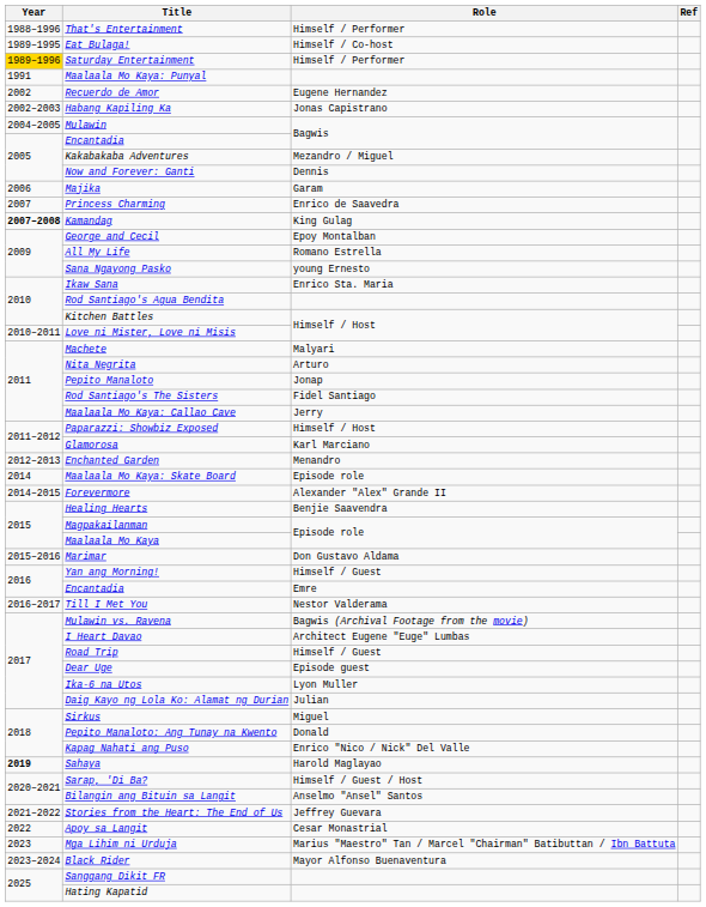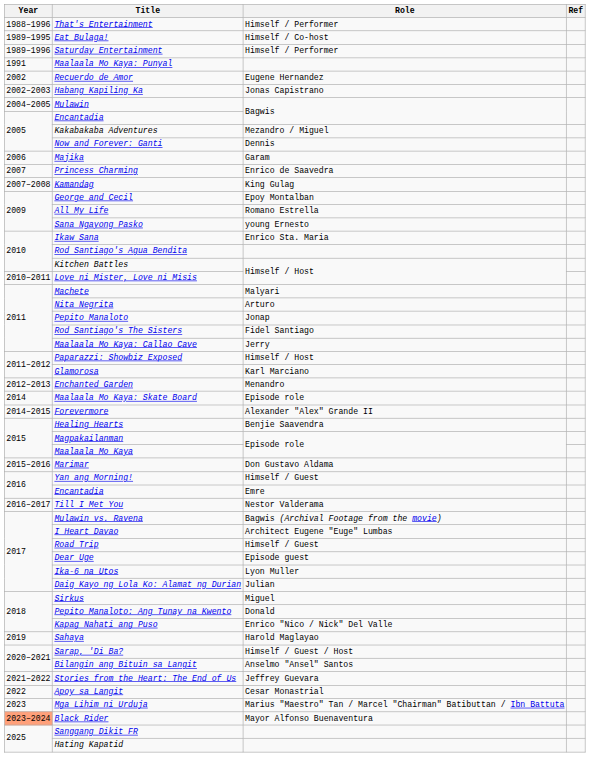 <table class="wikitable sortable">
 <tr>
 <th>Year</th>
 <th>Title</th>
 <th>Role</th>
 <th>Ref</th>
 </tr>
 <tr>
 <td>1988–1996</td>
 <td><em><a href='#'>That's Entertainment</a></em></td>
 <td>Himself / Performer</td>
 <td></td>
 </tr>
 <tr>
 <td>1989–1995</td>
 <td><em><a href='#'>Eat Bulaga!</a></em></td>
 <td>Himself / Co-host</td>
 <td></td>
 </tr>
 <tr>
-<td style="background: gold;">1989–1996</td>
+<td>1989–1996</td>
 <td><em><a href='#'>Saturday Entertainment</a></em></td>
 <td>Himself / Performer</td>
 <td></td>
 </tr>
 <tr>
 <td>1991</td>
 <td><em><a href='#'>Maalaala Mo Kaya: Punyal</a></em></td>
 <td></td>
 <td></td>
 </tr>
 <tr>
 <td>2002</td>
 <td><em><a href='#'>Recuerdo de Amor</a></em></td>
 <td>Eugene Hernandez</td>
 <td></td>
 </tr>
 <tr>
 <td>2002–2003</td>
 <td><em><a href='#'>Habang Kapiling Ka</a></em></td>
 <td>Jonas Capistrano</td>
 <td></td>
 </tr>
 <tr>
 <td>2004–2005</td>
 <td><em><a href='#'>Mulawin</a></em></td>
 <td rowspan="2">Bagwis</td>
 </tr>
 <tr>
 <td rowspan="3">2005</td>
 <td><em><a href='#'>Encantadia</a></em></td>
 </tr>
 <tr>
 <td><em>Kakabakaba Adventures</em></td>
 <td>Mezandro / Miguel</td>
 <td></td>
 </tr>
 <tr>
 <td><em><a href='#'>Now and Forever: Ganti</a></em></td>
 <td>Dennis</td>
 <td></td>
 </tr>
 <tr>
 <td>2006</td>
 <td><em><a href='#'>Majika</a></em></td>
 <td>Garam</td>
 <td></td>
 </tr>
 <tr>
 <td>2007</td>
 <td><em><a href='#'>Princess Charming</a></em></td>
 <td>Enrico de Saavedra</td>
 <td></td>
 </tr>
 <tr>
-<td><strong>2007–2008</strong></td>
+<td>2007–2008</td>
 <td><em><a href='#'>Kamandag</a></em></td>
 <td>King Gulag</td>
 <td></td>
 </tr>
 <tr>
 <td rowspan=3>2009</td>
 <td><em><a href='#'>George and Cecil</a></em></td>
 <td>Epoy Montalban</td>
 <td></td>
 </tr>
 <tr>
 <td><em><a href='#'>All My Life</a></em></td>
 <td>Romano Estrella</td>
 <td></td>
 </tr>
 <tr>
 <td><em><a href='#'>Sana Ngayong Pasko</a></em></td>
 <td>young Ernesto</td>
 <td></td>
 </tr>
 <tr>
 <td rowspan=3>2010</td>
 <td><em><a href='#'>Ikaw Sana</a></em></td>
 <td>Enrico Sta. Maria</td>
 <td></td>
 </tr>
 <tr>
 <td><em><a href='#'>Rod Santiago's Agua Bendita</a></em></td>
 <td></td>
 <td></td>
 </tr>
 <tr>
 <td><em>Kitchen Battles</em></td>
 <td rowspan="2">Himself / Host</td>
 <td></td>
 </tr>
 <tr>
 <td>2010–2011</td>
 <td><em><a href='#'>Love ni Mister, Love ni Misis</a></em></td>
 <td></td>
 </tr>
 <tr>
 <td rowspan=5>2011</td>
 <td><em><a href='#'>Machete</a></em></td>
 <td>Malyari</td>
 <td></td>
 </tr>
 <tr>
 <td><em><a href='#'>Nita Negrita</a></em></td>
 <td>Arturo</td>
 <td></td>
 </tr>
 <tr>
 <td><em><a href='#'>Pepito Manaloto</a></em></td>
 <td>Jonap</td>
 <td></td>
 </tr>
 <tr>
 <td><em><a href='#'>Rod Santiago's The Sisters</a></em></td>
 <td>Fidel Santiago</td>
 <td></td>
 </tr>
 <tr>
 <td><a href='#'><em>Maalaala Mo Kaya: Callao Cave</em></a></td>
 <td>Jerry</td>
 <td></td>
 </tr>
 <tr>
 <td rowspan=2>2011–2012</td>
 <td><em><a href='#'>Paparazzi: Showbiz Exposed</a></em></td>
 <td>Himself / Host</td>
 <td></td>
 </tr>
 <tr>
 <td><em><a href='#'>Glamorosa</a></em></td>
 <td>Karl Marciano</td>
 <td></td>
 </tr>
 <tr>
 <td>2012–2013</td>
 <td><em><a href='#'>Enchanted Garden</a></em></td>
 <td>Menandro</td>
 <td></td>
 </tr>
 <tr>
 <td>2014</td>
 <td><a href='#'><em>Maalaala Mo Kaya: Skate Board</em></a></td>
 <td>Episode role</td>
 <td></td>
 </tr>
 <tr>
 <td>2014–2015</td>
 <td><em><a href='#'>Forevermore</a></em></td>
 <td>Alexander "Alex" Grande II</td>
 <td></td>
 </tr>
 <tr>
 <td rowspan="3">2015</td>
 <td><em><a href='#'>Healing Hearts</a></em></td>
 <td>Benjie Saavendra</td>
 <td></td>
 </tr>
 <tr>
 <td><em><a href='#'>Magpakailanman</a></em></td>
 <td rowspan="2">Episode role</td>
 <td></td>
 </tr>
 <tr>
 <td><em><a href='#'>Maalaala Mo Kaya</a></em></td>
 <td></td>
 </tr>
 <tr>
 <td>2015–2016</td>
 <td><em><a href='#'>Marimar</a></em></td>
 <td>Don Gustavo Aldama</td>
 <td></td>
 </tr>
 <tr>
 <td rowspan="2">2016</td>
 <td><em><a href='#'>Yan ang Morning!</a></em></td>
 <td>Himself / Guest</td>
 <td></td>
 </tr>
 <tr>
 <td><em><a href='#'>Encantadia</a></em></td>
 <td>Emre</td>
 <td></td>
 </tr>
 <tr>
 <td>2016–2017</td>
 <td><em><a href='#'>Till I Met You</a></em></td>
 <td>Nestor Valderama</td>
 <td></td>
 </tr>
 <tr>
 <td rowspan="6">2017</td>
 <td><em><a href='#'>Mulawin vs. Ravena</a></em></td>
 <td>Bagwis <em>(Archival Footage from the <a href='#'>movie</a>)</em></td>
 <td></td>
 </tr>
 <tr>
 <td><em><a href='#'>I Heart Davao</a></em></td>
 <td>Architect Eugene "Euge" Lumbas</td>
 <td></td>
 </tr>
 <tr>
 <td><em><a href='#'>Road Trip</a></em></td>
 <td>Himself / Guest</td>
 <td></td>
 </tr>
 <tr>
 <td><em><a href='#'>Dear Uge</a></em></td>
 <td>Episode guest</td>
 <td></td>
 </tr>
 <tr>
 <td><em><a href='#'>Ika-6 na Utos</a></em></td>
 <td>Lyon Muller</td>
 <td></td>
 </tr>
 <tr>
 <td><em><a href='#'>Daig Kayo ng Lola Ko: Alamat ng Durian</a></em></td>
 <td>Julian</td>
 <td></td>
 </tr>
 <tr>
 <td rowspan=3>2018</td>
 <td><em><a href='#'>Sirkus</a></em></td>
 <td>Miguel</td>
 <td></td>
 </tr>
 <tr>
 <td><em><a href='#'>Pepito Manaloto: Ang Tunay na Kwento</a></em></td>
 <td>Donald</td>
 <td></td>
 </tr>
 <tr>
 <td><em><a href='#'>Kapag Nahati ang Puso</a></em></td>
 <td>Enrico "Nico / Nick" Del Valle</td>
 <td></td>
 </tr>
 <tr>
-<td><strong>2019</strong></td>
+<td>2019</td>
 <td><em><a href='#'>Sahaya</a></em></td>
 <td>Harold Maglayao</td>
 <td></td>
 </tr>
 <tr>
 <td rowspan="2">2020–2021</td>
 <td><em><a href='#'>Sarap, 'Di Ba?</a></em></td>
 <td>Himself / Guest / Host</td>
 <td></td>
 </tr>
 <tr>
 <td><em><a href='#'>Bilangin ang Bituin sa Langit</a></em></td>
 <td>Anselmo "Ansel" Santos</td>
 <td></td>
 </tr>
 <tr>
 <td>2021–2022</td>
 <td><em><a href='#'>Stories from the Heart: The End of Us</a></em></td>
 <td>Jeffrey Guevara</td>
 <td></td>
 </tr>
 <tr>
 <td>2022</td>
 <td><em><a href='#'>Apoy sa Langit</a></em></td>
 <td>Cesar Monastrial</td>
 <td></td>
 </tr>
 <tr>
 <td>2023</td>
 <td><em><a href='#'>Mga Lihim ni Urduja</a></em></td>
 <td>Marius "Maestro" Tan / Marcel "Chairman" Batibuttan / <a href='#'>Ibn Battuta</a></td>
 <td></td>
 </tr>
 <tr>
-<td>2023–2024</td>
+<td style="background: lightsalmon;">2023–2024</td>
 <td><a href='#'><em>Black Rider</em></a></td>
 <td>Mayor Alfonso Buenaventura</td>
 <td></td>
 </tr>
 <tr>
 <td rowspan=2>2025</td>
 <td><em><a href='#'>Sanggang Dikit FR</a></em></td>
 <td></td>
 <td></td>
 </tr>
 <tr>
 <td><em>Hating Kapatid</em></td>
 <td></td>
 <td></td>
 </tr>
 </table>
